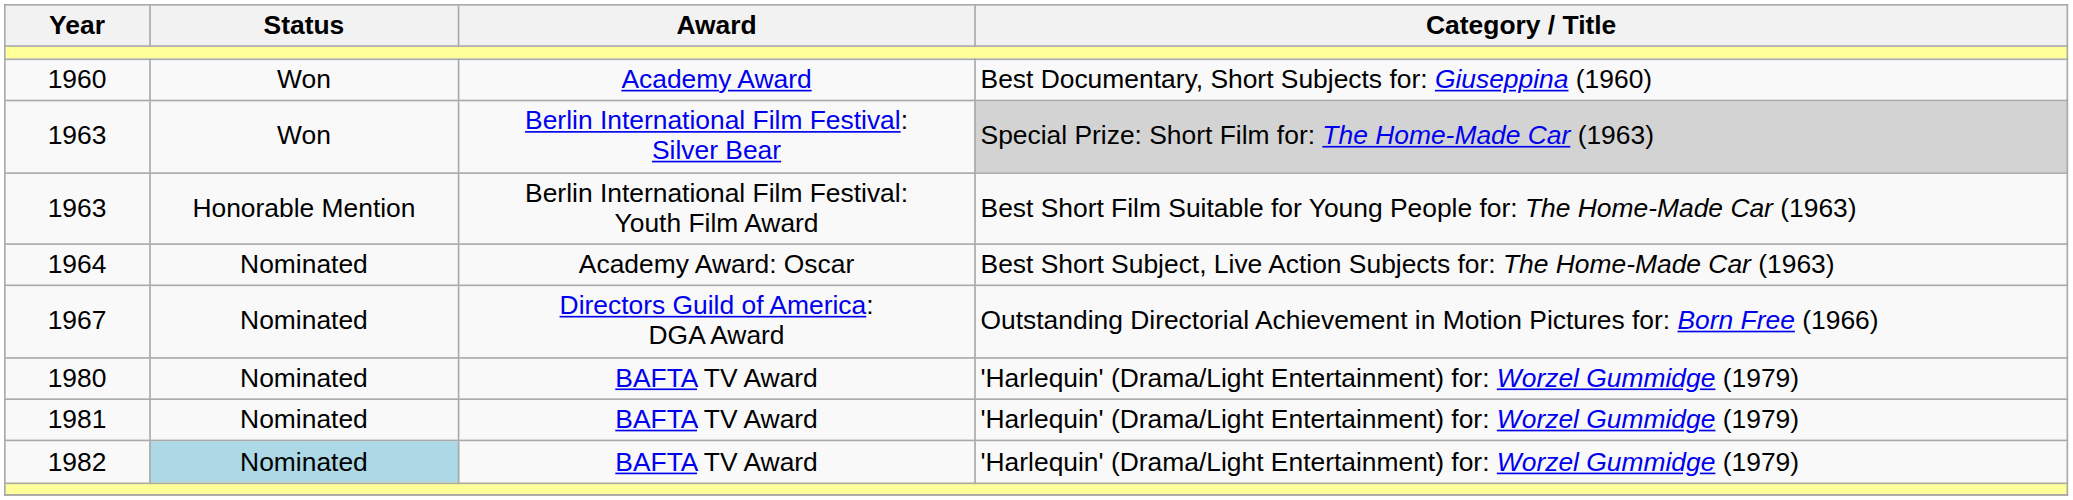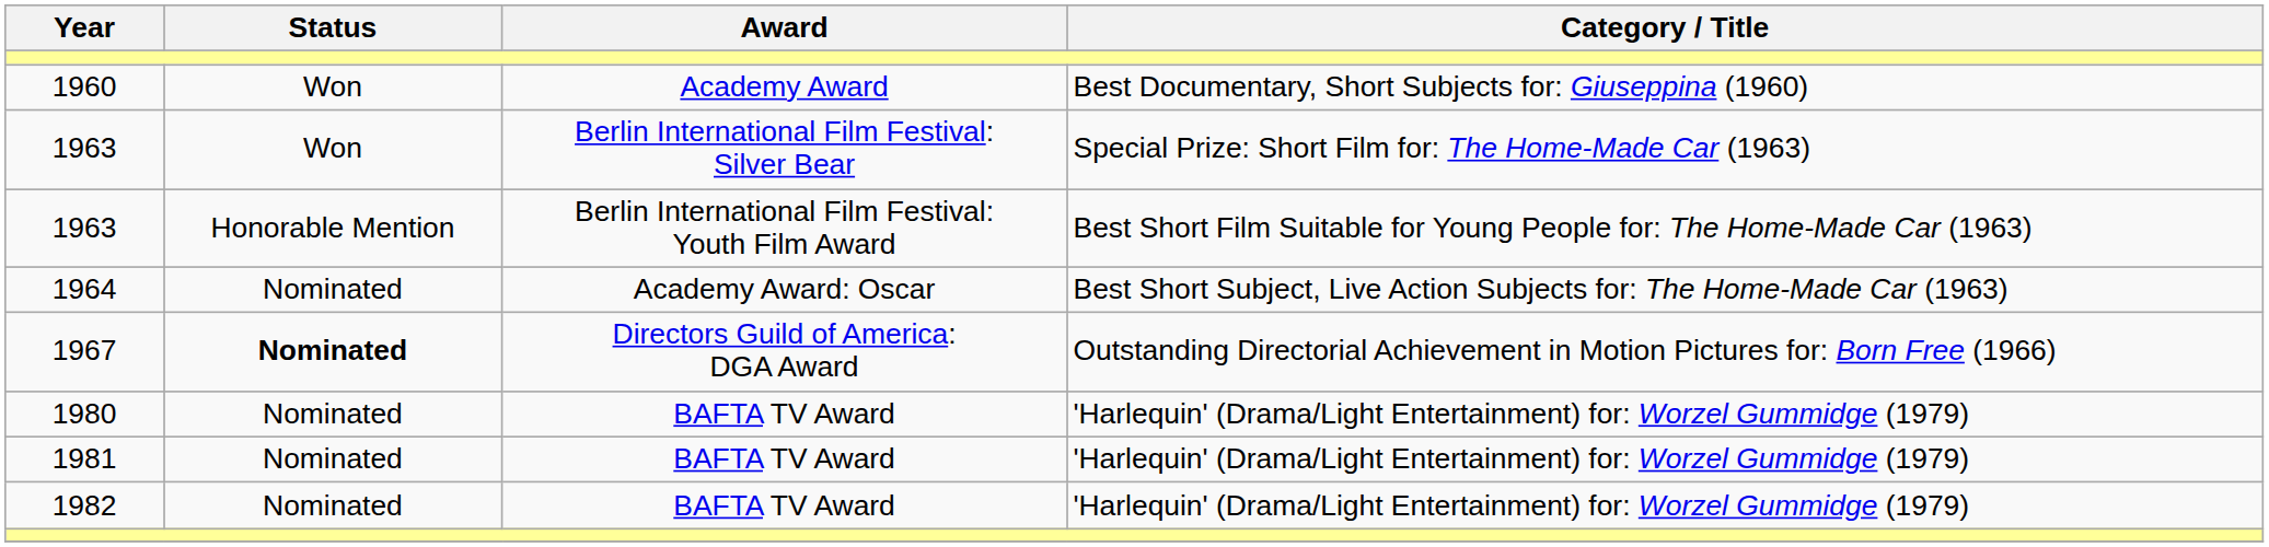 <table class="wikitable" width="99%">
 <tr>
 <th width=7%>Year</th>
 <th width=15%>Status</th>
 <th width=25%>Award</th>
 <th width=53%>Category / Title</th>
 </tr>
 <tr>
 <td colspan="6" bgcolor="#FFFF99"></td>
 </tr>
 <tr>
 <td align="center">1960</td>
 <td align="center">Won</td>
 <td align="center"><a href='#'>Academy Award</a></td>
 <td align="left">Best Documentary, Short Subjects for: <em><a href='#'>Giuseppina</a></em> (1960)</td>
 </tr>
 <tr>
 <td align="center">1963</td>
 <td align="center">Won</td>
 <td align="center"><a href='#'>Berlin International Film Festival</a>:<br><a href='#'>Silver Bear</a></td>
-<td align="left" style="background: lightgrey;">Special Prize: Short Film for: <em><a href='#'>The Home-Made Car</a></em> (1963)</td>
+<td align="left">Special Prize: Short Film for: <em><a href='#'>The Home-Made Car</a></em> (1963)</td>
 </tr>
 <tr>
 <td align="center">1963</td>
 <td align="center">Honorable Mention</td>
 <td align="center">Berlin International Film Festival:<br>Youth Film Award</td>
 <td align="left">Best Short Film Suitable for Young People for: <em>The Home-Made Car</em> (1963)</td>
 </tr>
 <tr>
 <td align="center">1964</td>
 <td align="center">Nominated</td>
 <td align="center">Academy Award: Oscar</td>
 <td align="left">Best Short Subject, Live Action Subjects for: <em>The Home-Made Car</em> (1963)</td>
 </tr>
 <tr>
 <td align="center">1967</td>
-<td align="center">Nominated</td>
+<td align="center"><strong>Nominated</strong></td>
 <td align="center"><a href='#'>Directors Guild of America</a>:<br>DGA Award</td>
 <td align="left">Outstanding Directorial Achievement in Motion Pictures for: <em><a href='#'>Born Free</a></em> (1966)</td>
 </tr>
 <tr>
 <td align="center">1980</td>
 <td align="center">Nominated</td>
 <td align="center"><a href='#'>BAFTA</a> TV Award</td>
 <td align="left">'Harlequin' (Drama/Light Entertainment) for: <em><a href='#'>Worzel Gummidge</a></em> (1979)</td>
 </tr>
 <tr>
 <td align="center">1981</td>
 <td align="center">Nominated</td>
 <td align="center"><a href='#'>BAFTA</a> TV Award</td>
 <td align="left">'Harlequin' (Drama/Light Entertainment) for: <em><a href='#'>Worzel Gummidge</a></em> (1979)</td>
 </tr>
 <tr>
 <td align="center">1982</td>
-<td align="center" style="background: lightblue;">Nominated</td>
+<td align="center">Nominated</td>
 <td align="center"><a href='#'>BAFTA</a> TV Award</td>
 <td align="left">'Harlequin' (Drama/Light Entertainment) for: <em><a href='#'>Worzel Gummidge</a></em> (1979)</td>
 </tr>
 <tr>
 <td colspan="6" bgcolor="#FFFF99"></td>
 </tr>
 <tr>
 </tr>
 </table>
